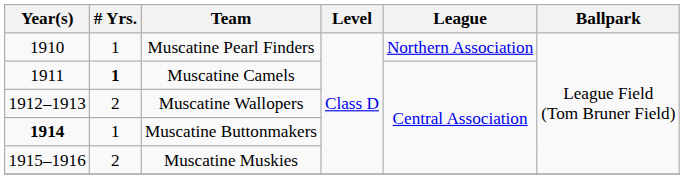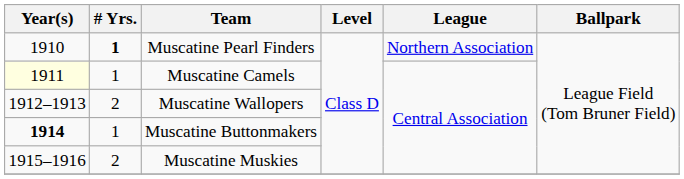 <table class="wikitable" style="text-align:center; font-size: 95%;">
 <tr>
 <th>Year(s)</th>
 <th># Yrs.</th>
 <th>Team</th>
 <th>Level</th>
 <th>League</th>
 <th>Ballpark</th>
 </tr>
 <tr>
 <td>1910</td>
-<td>1</td>
+<td><strong>1</strong></td>
 <td>Muscatine Pearl Finders</td>
 <td rowspan=5><a href='#'>Class D</a></td>
 <td><a href='#'>Northern Association</a></td>
 <td rowspan=5>League Field <br>(Tom Bruner Field)</td>
 </tr>
 <tr>
-<td>1911</td>
-<td><strong>1</strong></td>
+<td style="background: lightyellow;">1911</td>
+<td>1</td>
 <td>Muscatine Camels</td>
 <td rowspan=4><a href='#'>Central Association</a></td>
 </tr>
 <tr>
 <td>1912–1913</td>
 <td>2</td>
 <td>Muscatine Wallopers</td>
 </tr>
 <tr>
 <td><strong>1914</strong></td>
 <td>1</td>
 <td>Muscatine Buttonmakers</td>
 </tr>
 <tr>
 <td>1915–1916</td>
 <td>2</td>
 <td>Muscatine Muskies</td>
 </tr>
 <tr>
 </tr>
 </table>
